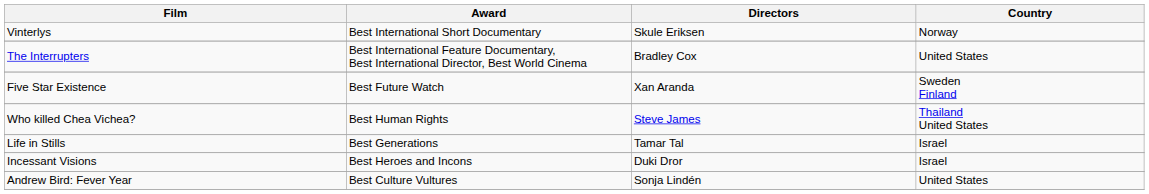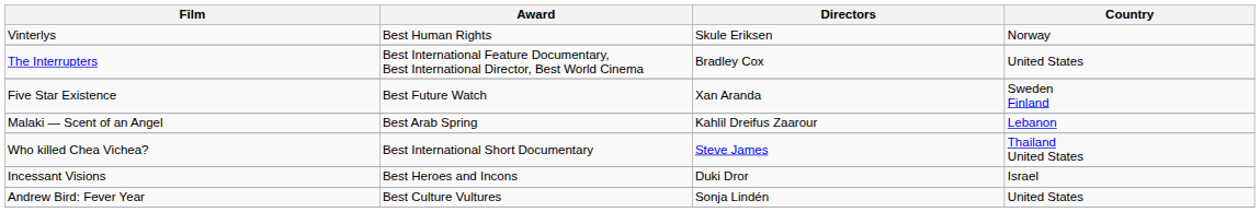 <table class="wikitable" style="width:100%;">
 <tr>
 <th width="30%">Film</th>
 <th width="25%">Award</th>
 <th width="25%">Directors</th>
 <th width="20%">Country</th>
 </tr>
 <tr>
 <td>Vinterlys</td>
-<td>Best International Short Documentary</td>
+<td>Best Human Rights</td>
 <td>Skule Eriksen</td>
 <td> Norway</td>
 </tr>
 <tr>
 </tr>
 <tr>
 <td><a href='#'>The Interrupters</a></td>
 <td>Best International Feature Documentary,<br>Best International Director, Best World Cinema</td>
 <td>Bradley Cox</td>
 <td> United States</td>
 </tr>
 <tr>
 </tr>
 <tr>
 <td>Five Star Existence</td>
 <td>Best Future Watch</td>
 <td>Xan Aranda</td>
 <td> Sweden<br> <a href='#'>Finland</a></td>
 </tr>
 <tr>
 </tr>
 <tr>
+<td>Malaki — Scent of an Angel</td>
+<td>Best Arab Spring</td>
+<td>Kahlil Dreifus Zaarour</td>
+<td> <a href='#'>Lebanon</a></td>
+</tr>
+<tr>
 </tr>
 <tr>
 <td>Who killed Chea Vichea?</td>
-<td>Best Human Rights</td>
+<td>Best International Short Documentary</td>
 <td><a href='#'>Steve James</a></td>
 <td> <a href='#'>Thailand</a><br> United States</td>
 </tr>
 <tr>
-</tr>
-<tr>
-<td>Life in Stills</td>
-<td>Best Generations</td>
-<td>Tamar Tal</td>
-<td> Israel</td>
 </tr>
 <tr>
 </tr>
 <tr>
 <td>Incessant Visions</td>
 <td>Best Heroes and Incons</td>
 <td>Duki Dror</td>
 <td> Israel</td>
 </tr>
 <tr>
 </tr>
 <tr>
 <td>Andrew Bird: Fever Year</td>
 <td>Best Culture Vultures</td>
 <td>Sonja Lindén</td>
 <td> United States</td>
 </tr>
 <tr>
 </tr>
 </table>
